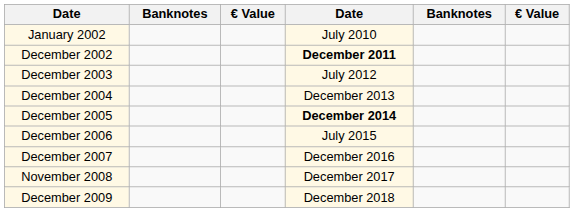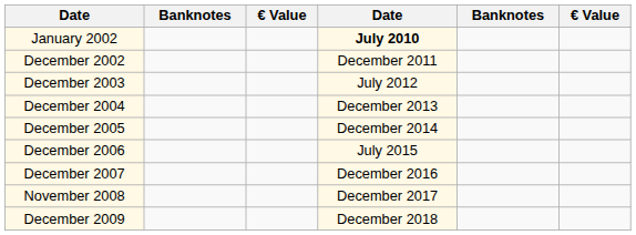 <table class="wikitable" style="border-collapse:collapse" width="80%">
 <tr>
 <th scope="col">Date</th>
 <th scope="col">Banknotes</th>
 <th scope="col">€ Value</th>
 <th scope="col">Date</th>
 <th scope="col">Banknotes</th>
 <th scope="col">€ Value</th>
 </tr>
 <tr align="center">
 <td style="background-color:#FFF9E5;">January 2002</td>
 <td></td>
 <td></td>
-<td style="background-color:#FFF9E5;">July 2010</td>
+<td style="background-color:#FFF9E5;"><strong>July 2010</strong></td>
 <td></td>
 <td></td>
 </tr>
 <tr align="center">
 <td style="background-color:#FFF9E5;">December 2002</td>
 <td></td>
 <td></td>
-<td style="background-color:#FFF9E5;"><strong>December 2011</strong></td>
+<td style="background-color:#FFF9E5;">December 2011</td>
 <td></td>
 <td></td>
 </tr>
 <tr align="center">
 <td style="background-color:#FFF9E5;">December 2003</td>
 <td></td>
 <td></td>
 <td style="background-color:#FFF9E5;">July 2012</td>
 <td></td>
 <td></td>
 </tr>
 <tr align="center">
 <td style="background-color:#FFF9E5;">December 2004</td>
 <td></td>
 <td></td>
 <td style="background-color:#FFF9E5;">December 2013</td>
 <td></td>
 <td></td>
 </tr>
 <tr align="center">
 <td style="background-color:#FFF9E5;">December 2005</td>
 <td></td>
 <td></td>
-<td style="background-color:#FFF9E5;"><strong>December 2014</strong></td>
+<td style="background-color:#FFF9E5;">December 2014</td>
 <td></td>
 <td></td>
 </tr>
 <tr align="center">
 <td style="background-color:#FFF9E5;">December 2006</td>
 <td></td>
 <td></td>
 <td style="background-color:#FFF9E5;">July 2015</td>
 <td></td>
 <td></td>
 </tr>
 <tr align="center">
 <td style="background-color:#FFF9E5;">December 2007</td>
 <td></td>
 <td></td>
 <td style="background-color:#FFF9E5;">December 2016</td>
 <td></td>
 <td></td>
 </tr>
 <tr align="center">
 <td style="background-color:#FFF9E5;">November 2008</td>
 <td></td>
 <td></td>
 <td style="background-color:#FFF9E5;">December 2017</td>
 <td></td>
 <td></td>
 </tr>
 <tr align="center">
 <td style="background-color:#FFF9E5;">December 2009</td>
 <td></td>
 <td></td>
 <td style="background-color:#FFF9E5;">December 2018</td>
 <td></td>
 <td></td>
 </tr>
 </table>
